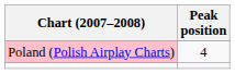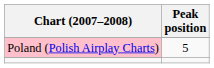 <table class="wikitable sortable">
 <tr>
 <th>Chart (2007–2008)</th>
 <th>Peak<br>position</th>
 </tr>
 <tr>
 </tr>
 <tr>
 </tr>
 <tr>
 </tr>
 <tr>
 </tr>
 <tr>
 </tr>
 <tr>
 </tr>
 <tr>
 <td style="background: pink;">Poland (<a href='#'>Polish Airplay Charts</a>)</td>
-<td style="text-align:center;">4</td>
+<td style="text-align:center;">5</td>
 </tr>
 <tr>
 </tr>
 <tr>
 </tr>
 <tr>
 <td></td>
 </tr>
 </table>
